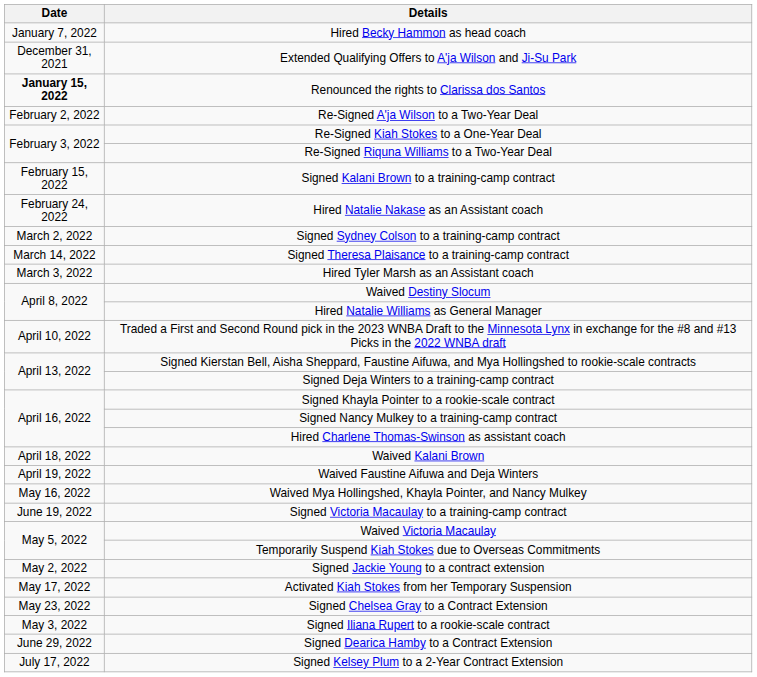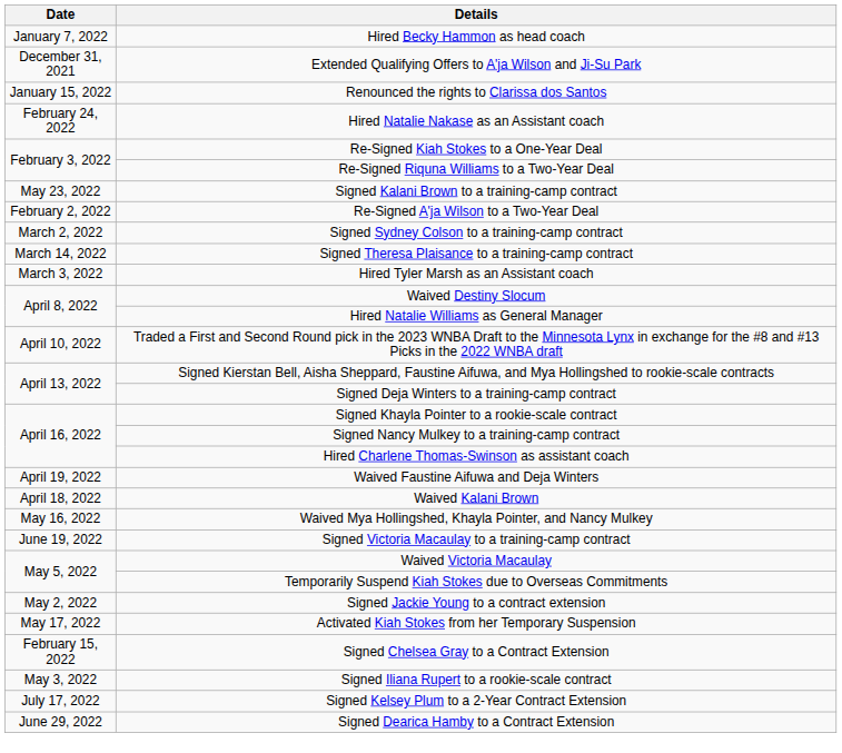 <table class="wikitable" style="width:80%; text-align: center">
 <tr>
 <th>Date</th>
 <th>Details</th>
 </tr>
 <tr>
 <td>January 7, 2022</td>
 <td>Hired <a href='#'>Becky Hammon</a> as head coach</td>
 </tr>
 <tr>
 <td>December 31, 2021</td>
 <td>Extended Qualifying Offers to <a href='#'>A'ja Wilson</a> and <a href='#'>Ji-Su Park</a></td>
 </tr>
 <tr>
-<td><strong>January 15, 2022</strong></td>
+<td>January 15, 2022</td>
 <td>Renounced the rights to <a href='#'>Clarissa dos Santos</a></td>
 </tr>
 <tr>
-<td>February 2, 2022</td>
-<td>Re-Signed <a href='#'>A'ja Wilson</a> to a Two-Year Deal</td>
+<td>February 24, 2022</td>
+<td>Hired <a href='#'>Natalie Nakase</a> as an Assistant coach</td>
 </tr>
 <tr>
 <td rowspan=2>February 3, 2022</td>
 <td>Re-Signed <a href='#'>Kiah Stokes</a> to a One-Year Deal</td>
 </tr>
 <tr>
 <td>Re-Signed <a href='#'>Riquna Williams</a> to a Two-Year Deal</td>
 </tr>
 <tr>
-<td>February 15, 2022</td>
+<td>May 23, 2022</td>
 <td>Signed <a href='#'>Kalani Brown</a> to a training-camp contract</td>
 </tr>
 <tr>
-<td>February 24, 2022</td>
-<td>Hired <a href='#'>Natalie Nakase</a> as an Assistant coach</td>
+<td>February 2, 2022</td>
+<td>Re-Signed <a href='#'>A'ja Wilson</a> to a Two-Year Deal</td>
 </tr>
 <tr>
 <td>March 2, 2022</td>
 <td>Signed <a href='#'>Sydney Colson</a> to a training-camp contract</td>
 </tr>
 <tr>
 <td>March 14, 2022</td>
 <td>Signed <a href='#'>Theresa Plaisance</a> to a training-camp contract</td>
 </tr>
 <tr>
 <td>March 3, 2022</td>
 <td>Hired Tyler Marsh as an Assistant coach</td>
 </tr>
 <tr>
 <td rowspan=2>April 8, 2022</td>
 <td>Waived <a href='#'>Destiny Slocum</a></td>
 </tr>
 <tr>
 <td>Hired <a href='#'>Natalie Williams</a> as General Manager</td>
 </tr>
 <tr>
 <td>April 10, 2022</td>
 <td>Traded a First and Second Round pick in the 2023 WNBA Draft to the <a href='#'>Minnesota Lynx</a> in exchange for the #8 and #13 Picks in the <a href='#'>2022 WNBA draft</a></td>
 </tr>
 <tr>
 <td rowspan=2>April 13, 2022</td>
 <td>Signed Kierstan Bell, Aisha Sheppard, Faustine Aifuwa, and Mya Hollingshed to rookie-scale contracts</td>
 </tr>
 <tr>
 <td>Signed Deja Winters to a training-camp contract</td>
 </tr>
 <tr>
 <td rowspan=3>April 16, 2022</td>
 <td>Signed Khayla Pointer to a rookie-scale contract</td>
 </tr>
 <tr>
 <td>Signed Nancy Mulkey to a training-camp contract</td>
 </tr>
 <tr>
 <td>Hired <a href='#'>Charlene Thomas-Swinson</a> as assistant coach</td>
 </tr>
 <tr>
+<td>April 19, 2022</td>
+<td>Waived Faustine Aifuwa and Deja Winters</td>
+</tr>
+<tr>
 <td>April 18, 2022</td>
 <td>Waived <a href='#'>Kalani Brown</a></td>
-</tr>
-<tr>
-<td>April 19, 2022</td>
-<td>Waived Faustine Aifuwa and Deja Winters</td>
 </tr>
 <tr>
 <td>May 16, 2022</td>
 <td>Waived Mya Hollingshed, Khayla Pointer, and Nancy Mulkey</td>
 </tr>
 <tr>
 <td>June 19, 2022</td>
 <td>Signed <a href='#'>Victoria Macaulay</a> to a training-camp contract</td>
 </tr>
 <tr>
 <td rowspan=2>May 5, 2022</td>
 <td>Waived <a href='#'>Victoria Macaulay</a></td>
 </tr>
 <tr>
 <td>Temporarily Suspend <a href='#'>Kiah Stokes</a> due to Overseas Commitments</td>
 </tr>
 <tr>
 <td>May 2, 2022</td>
 <td>Signed <a href='#'>Jackie Young</a> to a contract extension </td>
 </tr>
 <tr>
 <td>May 17, 2022</td>
 <td>Activated <a href='#'>Kiah Stokes</a> from her Temporary Suspension</td>
 </tr>
 <tr>
-<td>May 23, 2022</td>
+<td>February 15, 2022</td>
 <td>Signed <a href='#'>Chelsea Gray</a> to a Contract Extension</td>
 </tr>
 <tr>
 <td>May 3, 2022</td>
 <td>Signed <a href='#'>Iliana Rupert</a> to a rookie-scale contract</td>
 </tr>
 <tr>
+<td>July 17, 2022</td>
+<td>Signed <a href='#'>Kelsey Plum</a> to a 2-Year Contract Extension</td>
+</tr>
+<tr>
 <td>June 29, 2022</td>
 <td>Signed <a href='#'>Dearica Hamby</a> to a Contract Extension</td>
 </tr>
-<tr>
-<td>July 17, 2022</td>
-<td>Signed <a href='#'>Kelsey Plum</a> to a 2-Year Contract Extension</td>
-</tr>
 </table>
